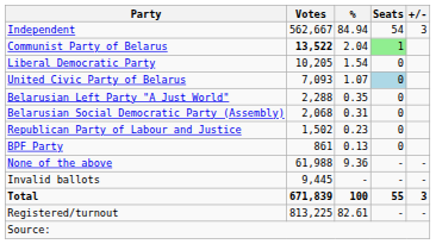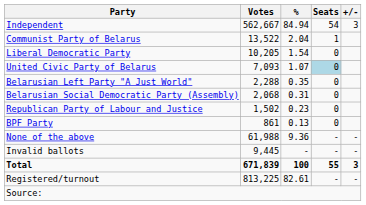 <table class="wikitable sortable" style="text-align:right">
 <tr>
 <th>Party</th>
 <th>Votes</th>
 <th>%</th>
 <th>Seats</th>
 <th>+/-</th>
 </tr>
 <tr>
 <td align=left><a href='#'>Independent</a></td>
 <td>562,667</td>
 <td>84.94</td>
 <td>54</td>
 <td>3</td>
 </tr>
 <tr>
 <td align=left><a href='#'>Communist Party of Belarus</a></td>
-<td><strong>13,522</strong></td>
+<td>13,522</td>
 <td>2.04</td>
-<td style="background: lightgreen;">1</td>
+<td>1</td>
 <td></td>
 </tr>
 <tr>
 <td align=left><a href='#'>Liberal Democratic Party</a></td>
 <td>10,205</td>
 <td>1.54</td>
 <td>0</td>
 <td></td>
 </tr>
 <tr>
 <td align=left><a href='#'>United Civic Party of Belarus</a></td>
 <td>7,093</td>
 <td>1.07</td>
 <td style="background: lightblue;">0</td>
 <td></td>
 </tr>
 <tr>
 <td align=left><a href='#'>Belarusian Left Party "A Just World"</a></td>
 <td>2,288</td>
 <td>0.35</td>
 <td>0</td>
 <td></td>
 </tr>
 <tr>
 <td align=left><a href='#'>Belarusian Social Democratic Party (Assembly)</a></td>
 <td>2,068</td>
 <td>0.31</td>
 <td>0</td>
 <td></td>
 </tr>
 <tr>
 <td align=left><a href='#'>Republican Party of Labour and Justice</a></td>
 <td>1,502</td>
 <td>0.23</td>
 <td>0</td>
 <td></td>
 </tr>
 <tr>
 <td align=left><a href='#'>BPF Party</a></td>
 <td>861</td>
 <td>0.13</td>
 <td>0</td>
 <td></td>
 </tr>
 <tr>
 <td align=left><a href='#'>None of the above</a></td>
 <td>61,988</td>
 <td>9.36</td>
 <td>-</td>
 <td>-</td>
 </tr>
 <tr>
 <td align=left>Invalid ballots</td>
 <td>9,445</td>
 <td>-</td>
 <td>-</td>
 <td>-</td>
 </tr>
 <tr>
 <td align=left><strong>Total</strong></td>
 <td><strong>671,839</strong></td>
 <td><strong>100</strong></td>
 <td><strong>55</strong></td>
 <td><strong>3</strong></td>
 </tr>
 <tr>
 <td align=left>Registered/turnout</td>
 <td>813,225</td>
 <td>82.61</td>
 <td>-</td>
 <td>-</td>
 </tr>
 <tr>
 <td align=left colspan=5>Source: </td>
 </tr>
 </table>
